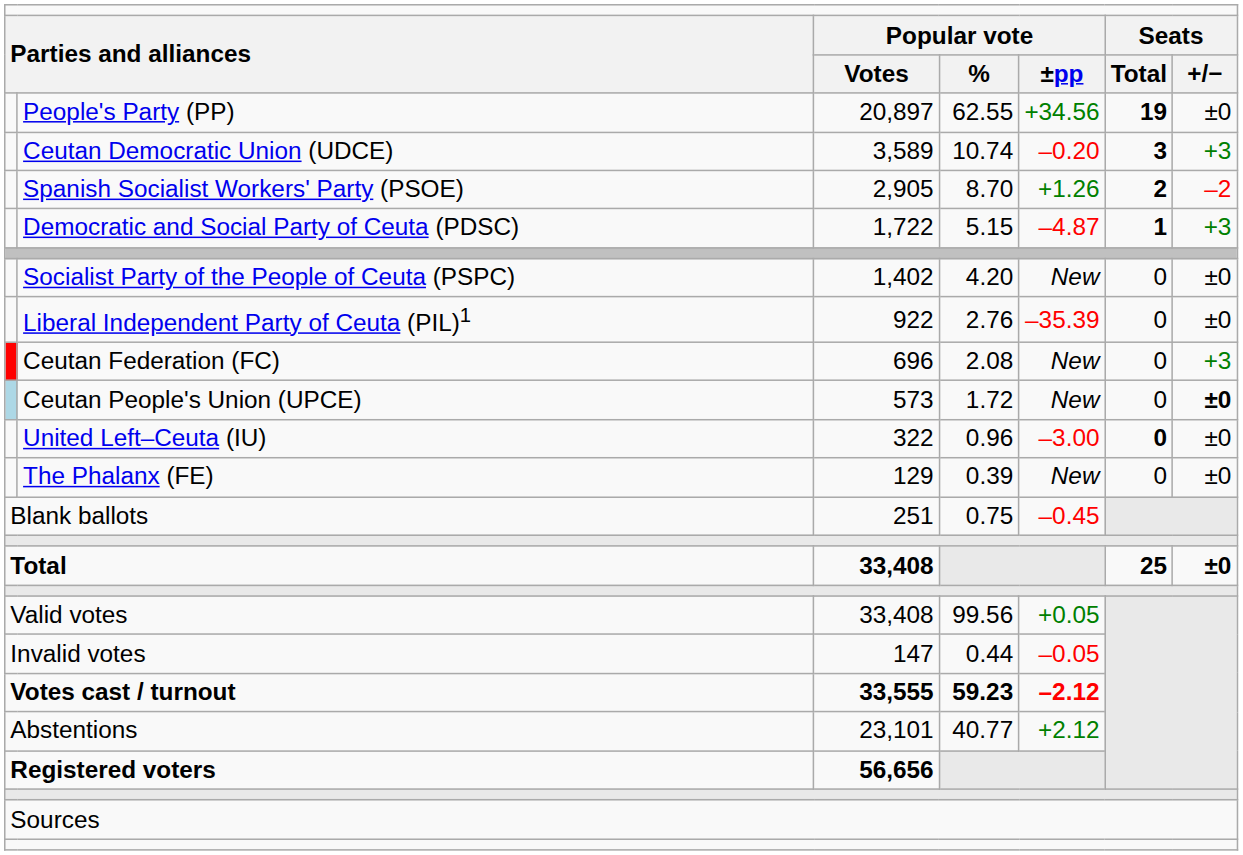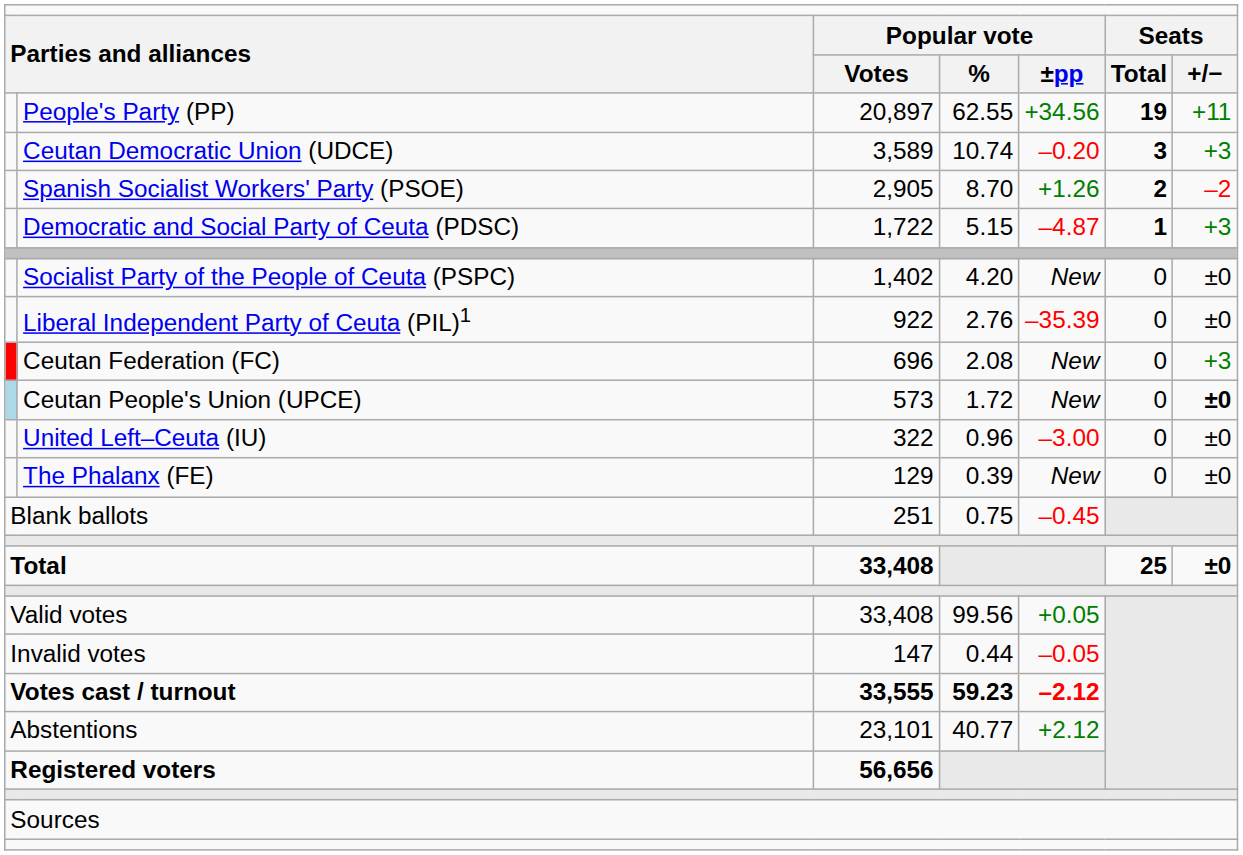 <table class="wikitable" style="text-align:right;">
 <tr>
 <td colspan="7"></td>
 </tr>
 <tr>
 <th style="text-align:left;" rowspan="2" colspan="2" width="525">Parties and alliances</th>
 <th colspan="3">Popular vote</th>
 <th colspan="2">Seats</th>
 </tr>
 <tr>
 <th width="75">Votes</th>
 <th width="45">%</th>
 <th width="45">±<a href='#'>pp</a></th>
 <th width="35">Total</th>
 <th width="35">+/−</th>
 </tr>
 <tr>
 <td width="1" style="color:inherit;background:"></td>
 <td align="left"><a href='#'>People's Party</a> (PP)</td>
 <td>20,897</td>
 <td>62.55</td>
 <td style="color:green;">+34.56</td>
 <td><strong>19</strong></td>
-<td>±0</td>
+<td style="color:green;">+11</td>
 </tr>
 <tr>
 <td style="color:inherit;background:"></td>
 <td align="left"><a href='#'>Ceutan Democratic Union</a> (UDCE)</td>
 <td>3,589</td>
 <td>10.74</td>
 <td style="color:red;">–0.20</td>
 <td><strong>3</strong></td>
 <td style="color:green;">+3</td>
 </tr>
 <tr>
 <td style="color:inherit;background:"></td>
 <td align="left"><a href='#'>Spanish Socialist Workers' Party</a> (PSOE)</td>
 <td>2,905</td>
 <td>8.70</td>
 <td style="color:green;">+1.26</td>
 <td><strong>2</strong></td>
 <td style="color:red;">–2</td>
 </tr>
 <tr>
 <td style="color:inherit;background:"></td>
 <td align="left"><a href='#'>Democratic and Social Party of Ceuta</a> (PDSC)</td>
 <td>1,722</td>
 <td>5.15</td>
 <td style="color:red;">–4.87</td>
 <td><strong>1</strong></td>
 <td style="color:green;">+3</td>
 </tr>
 <tr>
 <td colspan="7" bgcolor="#C0C0C0"></td>
 </tr>
 <tr>
 <td style="color:inherit;background:"></td>
 <td align="left"><a href='#'>Socialist Party of the People of Ceuta</a> (PSPC)</td>
 <td>1,402</td>
 <td>4.20</td>
 <td><em>New</em></td>
 <td>0</td>
 <td>±0</td>
 </tr>
 <tr>
 <td style="color:inherit;background:"></td>
 <td align="left"><a href='#'>Liberal Independent Party of Ceuta</a> (PIL)<sup>1</sup></td>
 <td>922</td>
 <td>2.76</td>
 <td style="color:red;">–35.39</td>
 <td>0</td>
 <td>±0</td>
 </tr>
 <tr>
 <td bgcolor="red"></td>
 <td align="left">Ceutan Federation (FC)</td>
 <td>696</td>
 <td>2.08</td>
 <td><em>New</em></td>
 <td>0</td>
 <td style="color:green;">+3</td>
 </tr>
 <tr>
 <td bgcolor="lightblue"></td>
 <td align="left">Ceutan People's Union (UPCE)</td>
 <td>573</td>
 <td>1.72</td>
 <td><em>New</em></td>
 <td>0</td>
 <td><strong>±0</strong></td>
 </tr>
 <tr>
 <td style="color:inherit;background:"></td>
 <td align="left"><a href='#'>United Left–Ceuta</a> (IU)</td>
 <td>322</td>
 <td>0.96</td>
 <td style="color:red;">–3.00</td>
-<td><strong>0</strong></td>
+<td>0</td>
 <td>±0</td>
 </tr>
 <tr>
 <td style="color:inherit;background:"></td>
 <td align="left"><a href='#'>The Phalanx</a> (FE)</td>
 <td>129</td>
 <td>0.39</td>
 <td><em>New</em></td>
 <td>0</td>
 <td>±0</td>
 </tr>
 <tr>
 <td align="left" colspan="2">Blank ballots</td>
 <td>251</td>
 <td>0.75</td>
 <td style="color:red;">–0.45</td>
 <td bgcolor="#E9E9E9" colspan="2"></td>
 </tr>
 <tr>
 <td colspan="7" bgcolor="#E9E9E9"></td>
 </tr>
 <tr style="font-weight:bold;">
 <td align="left" colspan="2">Total</td>
 <td>33,408</td>
 <td bgcolor="#E9E9E9" colspan="2"></td>
 <td>25</td>
 <td>±0</td>
 </tr>
 <tr>
 <td colspan="7" bgcolor="#E9E9E9"></td>
 </tr>
 <tr>
 <td align="left" colspan="2">Valid votes</td>
 <td>33,408</td>
 <td>99.56</td>
 <td style="color:green;">+0.05</td>
 <td bgcolor="#E9E9E9" colspan="2" rowspan="5"></td>
 </tr>
 <tr>
 <td align="left" colspan="2">Invalid votes</td>
 <td>147</td>
 <td>0.44</td>
 <td style="color:red;">–0.05</td>
 </tr>
 <tr style="font-weight:bold;">
 <td align="left" colspan="2">Votes cast / turnout</td>
 <td>33,555</td>
 <td>59.23</td>
 <td style="color:red;">–2.12</td>
 </tr>
 <tr>
 <td align="left" colspan="2">Abstentions</td>
 <td>23,101</td>
 <td>40.77</td>
 <td style="color:green;">+2.12</td>
 </tr>
 <tr style="font-weight:bold;">
 <td align="left" colspan="2">Registered voters</td>
 <td>56,656</td>
 <td bgcolor="#E9E9E9" colspan="2"></td>
 </tr>
 <tr>
 <td colspan="7" bgcolor="#E9E9E9"></td>
 </tr>
 <tr>
 <td align="left" colspan="7">Sources</td>
 </tr>
 <tr>
 <td colspan="7" style="text-align:left; max-width:790px;"></td>
 </tr>
 </table>
